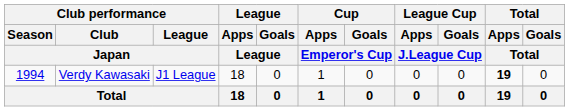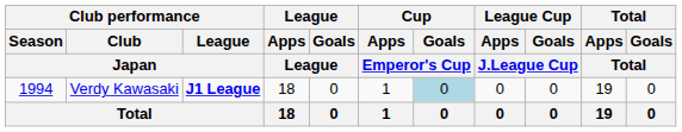 <table class="wikitable" style="text-align:center;">
 <tr>
 <th colspan=3>Club performance</th>
 <th colspan=2>League</th>
 <th colspan=2>Cup</th>
 <th colspan=2>League Cup</th>
 <th colspan=2>Total</th>
 </tr>
 <tr>
 <th>Season</th>
 <th>Club</th>
 <th>League</th>
 <th>Apps</th>
 <th>Goals</th>
 <th>Apps</th>
 <th>Goals</th>
 <th>Apps</th>
 <th>Goals</th>
 <th>Apps</th>
 <th>Goals</th>
 </tr>
 <tr>
 <th colspan=3>Japan</th>
 <th colspan=2>League</th>
 <th colspan=2><a href='#'>Emperor's Cup</a></th>
 <th colspan=2><a href='#'>J.League Cup</a></th>
 <th colspan=2>Total</th>
 </tr>
 <tr>
 <td><a href='#'>1994</a></td>
 <td><a href='#'>Verdy Kawasaki</a></td>
-<td><a href='#'>J1 League</a></td>
+<td><strong><a href='#'>J1 League</a></strong></td>
 <td>18</td>
 <td>0</td>
 <td>1</td>
+<td style="background: lightblue;">0</td>
 <td>0</td>
 <td>0</td>
-<td>0</td>
-<td><strong>19</strong></td>
+<td>19</td>
 <td>0</td>
 </tr>
 <tr>
 <th colspan=3>Total</th>
 <th>18</th>
 <th>0</th>
 <th>1</th>
 <th>0</th>
 <th>0</th>
 <th>0</th>
 <th>19</th>
 <th>0</th>
 </tr>
 </table>
